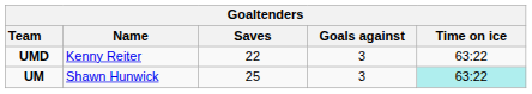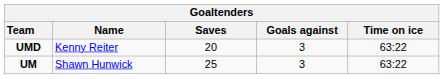 <table class="wikitable" style="width:40em; text-align:right;">
 <tr>
 <th colspan=5>Goaltenders</th>
 </tr>
 <tr>
 <th style="width:4em; text-align:left;">Team</th>
 <th style="width:10em;">Name</th>
 <th style="width:8em;">Saves</th>
 <th style="width:8em;">Goals against</th>
 <th style="width:8em;">Time on ice</th>
 </tr>
 <tr>
 <td align=center><strong>UMD</strong></td>
 <td style="text-align:left;"><a href='#'>Kenny Reiter</a></td>
-<td align=center>22</td>
+<td align=center>20</td>
 <td align=center>3</td>
 <td align=center>63:22</td>
 </tr>
 <tr>
 <td align=center><strong>UM</strong></td>
 <td style="text-align:left;"><a href='#'>Shawn Hunwick</a></td>
 <td align=center>25</td>
 <td align=center>3</td>
-<td align=center style="background: paleturquoise;">63:22</td>
+<td align=center>63:22</td>
 </tr>
 </table>
